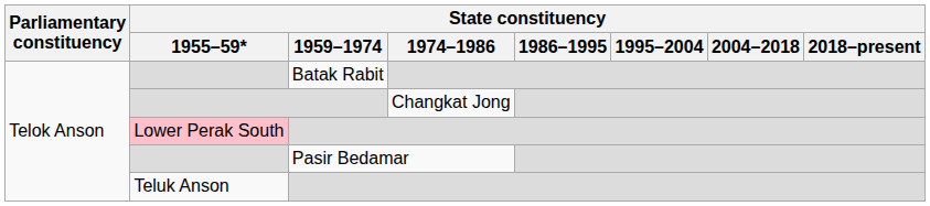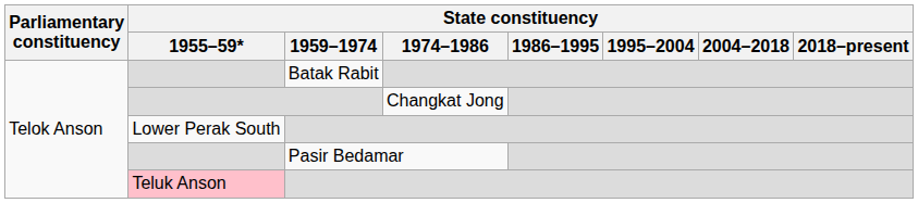 <table class="wikitable">
 <tr>
 <th rowspan="2">Parliamentary<br>constituency</th>
 <th colspan="7">State constituency</th>
 </tr>
 <tr>
 <th>1955–59*</th>
 <th>1959–1974</th>
 <th>1974–1986</th>
 <th>1986–1995</th>
 <th>1995–2004</th>
 <th>2004–2018</th>
 <th>2018–present</th>
 </tr>
 <tr>
 <td rowspan="5">Telok Anson</td>
 <td bgcolor="dcdcdc"></td>
 <td>Batak Rabit</td>
 <td colspan="5" bgcolor="dcdcdc"></td>
 </tr>
 <tr>
 <td colspan="2" bgcolor="dcdcdc"></td>
 <td>Changkat Jong</td>
 <td colspan="4" bgcolor="dcdcdc"></td>
 </tr>
 <tr>
-<td style="background: pink;">Lower Perak South</td>
+<td>Lower Perak South</td>
 <td colspan="6" bgcolor="dcdcdc"></td>
 </tr>
 <tr>
 <td bgcolor="dcdcdc"></td>
 <td colspan="2">Pasir Bedamar</td>
 <td colspan="4" bgcolor="dcdcdc"></td>
 </tr>
 <tr>
-<td>Teluk Anson</td>
+<td style="background: pink;">Teluk Anson</td>
 <td colspan="6" bgcolor="dcdcdc"></td>
 </tr>
 </table>
